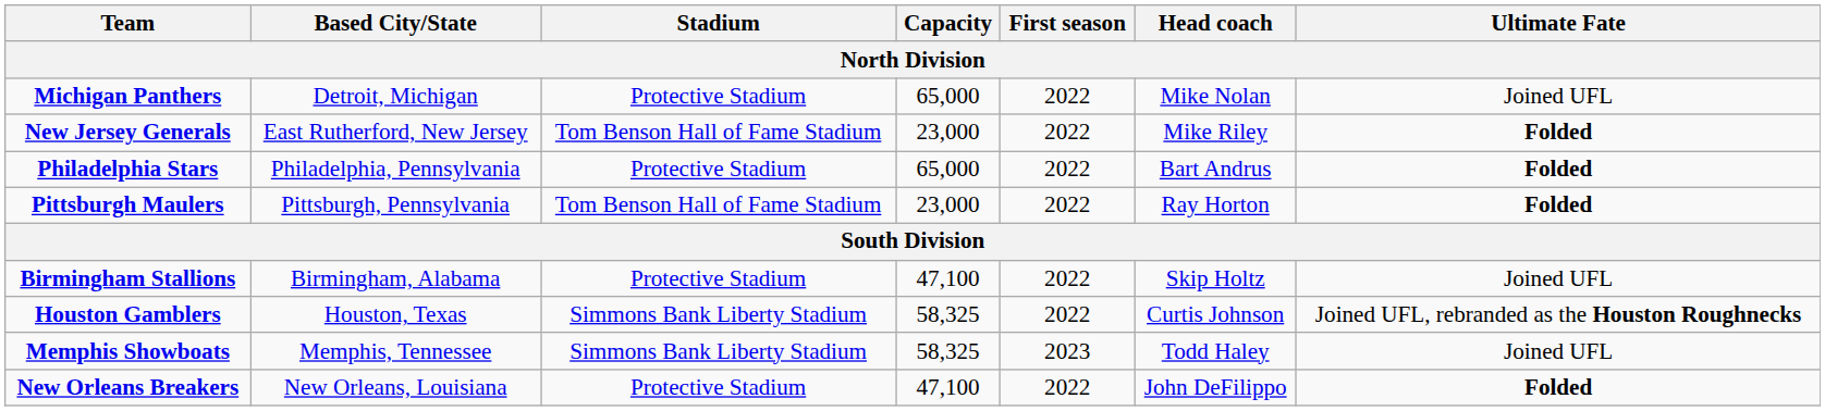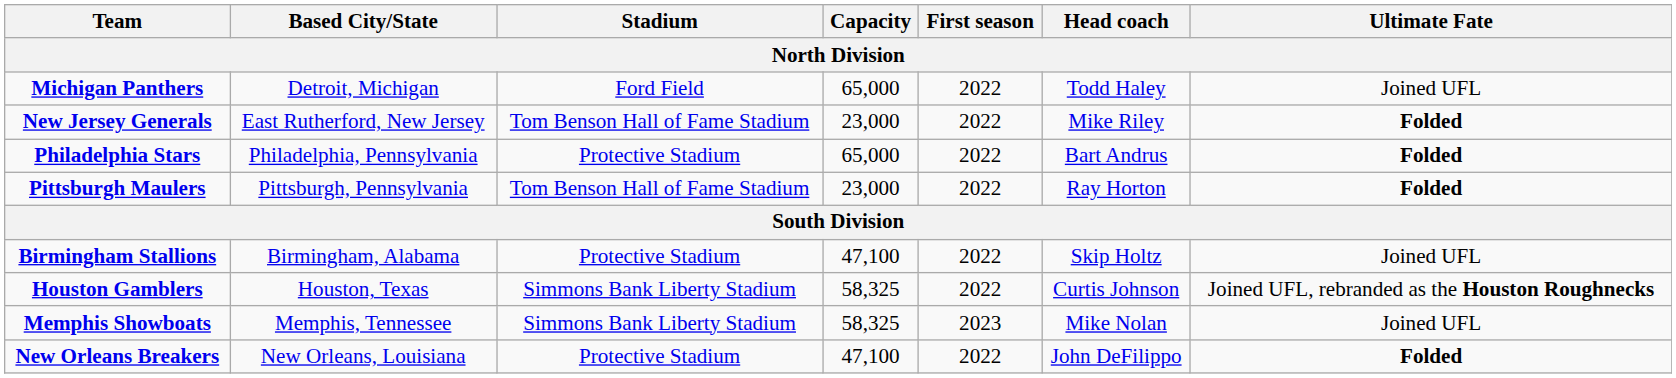 <table class="wikitable sortable" style="width:100%">
 <tr>
 <th>Team</th>
 <th>Based City/State</th>
 <th>Stadium</th>
 <th>Capacity</th>
 <th>First season</th>
 <th>Head coach</th>
 <th>Ultimate Fate</th>
 </tr>
 <tr>
 <th colspan="8" style="text-align:center;">North Division</th>
 </tr>
 <tr>
 <td style="text-align:center;"><a href='#'><strong>Michigan Panthers</strong></a></td>
 <td style="text-align:center;"><a href='#'>Detroit, Michigan</a></td>
-<td style="text-align:center;"><a href='#'>Protective Stadium</a></td>
+<td style="text-align:center;"><a href='#'>Ford Field</a></td>
 <td style="text-align:center;">65,000</td>
 <td style="text-align:center;">2022</td>
-<td style="text-align:center;"><a href='#'>Mike Nolan</a></td>
+<td style="text-align:center;"><a href='#'>Todd Haley</a></td>
 <td style="text-align:center;">Joined UFL</td>
 </tr>
 <tr>
 <td style="text-align:center;"><a href='#'><strong>New Jersey Generals</strong></a></td>
 <td style="text-align:center;"><a href='#'>East Rutherford, New Jersey</a></td>
 <td style="text-align:center;"><a href='#'>Tom Benson Hall of Fame Stadium</a></td>
 <td style="text-align:center;">23,000</td>
 <td style="text-align:center;">2022</td>
 <td style="text-align:center;"><a href='#'>Mike Riley</a></td>
 <td style="text-align:center;"><strong>Folded</strong></td>
 </tr>
 <tr>
 <td style="text-align:center;"><a href='#'><strong>Philadelphia Stars</strong></a></td>
 <td style="text-align:center;"><a href='#'>Philadelphia, Pennsylvania</a></td>
 <td style="text-align:center;"><a href='#'>Protective Stadium</a></td>
 <td style="text-align:center;">65,000</td>
 <td style="text-align:center;">2022</td>
 <td style="text-align:center;"><a href='#'>Bart Andrus</a></td>
 <td style="text-align:center;"><strong>Folded</strong></td>
 </tr>
 <tr>
 <td style="text-align:center;"><a href='#'><strong>Pittsburgh Maulers</strong></a></td>
 <td style="text-align:center;"><a href='#'>Pittsburgh, Pennsylvania</a></td>
 <td style="text-align:center;"><a href='#'>Tom Benson Hall of Fame Stadium</a></td>
 <td style="text-align:center;">23,000</td>
 <td style="text-align:center;">2022</td>
 <td style="text-align:center;"><a href='#'>Ray Horton</a></td>
 <td style="text-align:center;"><strong>Folded</strong></td>
 </tr>
 <tr>
 <th colspan="8" style="text-align:center;">South Division</th>
 </tr>
 <tr>
 <td style="text-align:center;"><a href='#'><strong>Birmingham Stallions</strong></a></td>
 <td style="text-align:center;"><a href='#'>Birmingham, Alabama</a></td>
 <td style="text-align:center;"><a href='#'>Protective Stadium</a></td>
 <td style="text-align:center;">47,100</td>
 <td style="text-align:center;">2022</td>
 <td style="text-align:center;"><a href='#'>Skip Holtz</a></td>
 <td style="text-align:center;">Joined UFL</td>
 </tr>
 <tr>
 <td style="text-align:center;"><a href='#'><strong>Houston Gamblers</strong></a></td>
 <td style="text-align:center;"><a href='#'>Houston, Texas</a></td>
 <td style="text-align:center;"><a href='#'>Simmons Bank Liberty Stadium</a></td>
 <td style="text-align:center;">58,325</td>
 <td style="text-align:center;">2022</td>
 <td style="text-align:center;"><a href='#'>Curtis Johnson</a></td>
 <td style="text-align:center;">Joined UFL, rebranded as the <strong>Houston Roughnecks</strong></td>
 </tr>
 <tr>
 <td style="text-align:center;"><a href='#'><strong>Memphis Showboats</strong></a></td>
 <td style="text-align:center;"><a href='#'>Memphis, Tennessee</a></td>
 <td style="text-align:center;"><a href='#'>Simmons Bank Liberty Stadium</a></td>
 <td style="text-align:center;">58,325</td>
 <td style="text-align:center;">2023</td>
-<td style="text-align:center;"><a href='#'>Todd Haley</a></td>
+<td style="text-align:center;"><a href='#'>Mike Nolan</a></td>
 <td style="text-align:center;">Joined UFL</td>
 </tr>
 <tr>
 <td style="text-align:center;"><a href='#'><strong>New Orleans Breakers</strong></a></td>
 <td style="text-align:center;"><a href='#'>New Orleans, Louisiana</a></td>
 <td style="text-align:center;"><a href='#'>Protective Stadium</a></td>
 <td style="text-align:center;">47,100</td>
 <td style="text-align:center;">2022</td>
 <td style="text-align:center;"><a href='#'>John DeFilippo</a></td>
 <td style="text-align:center;"><strong>Folded</strong></td>
 </tr>
 </table>
